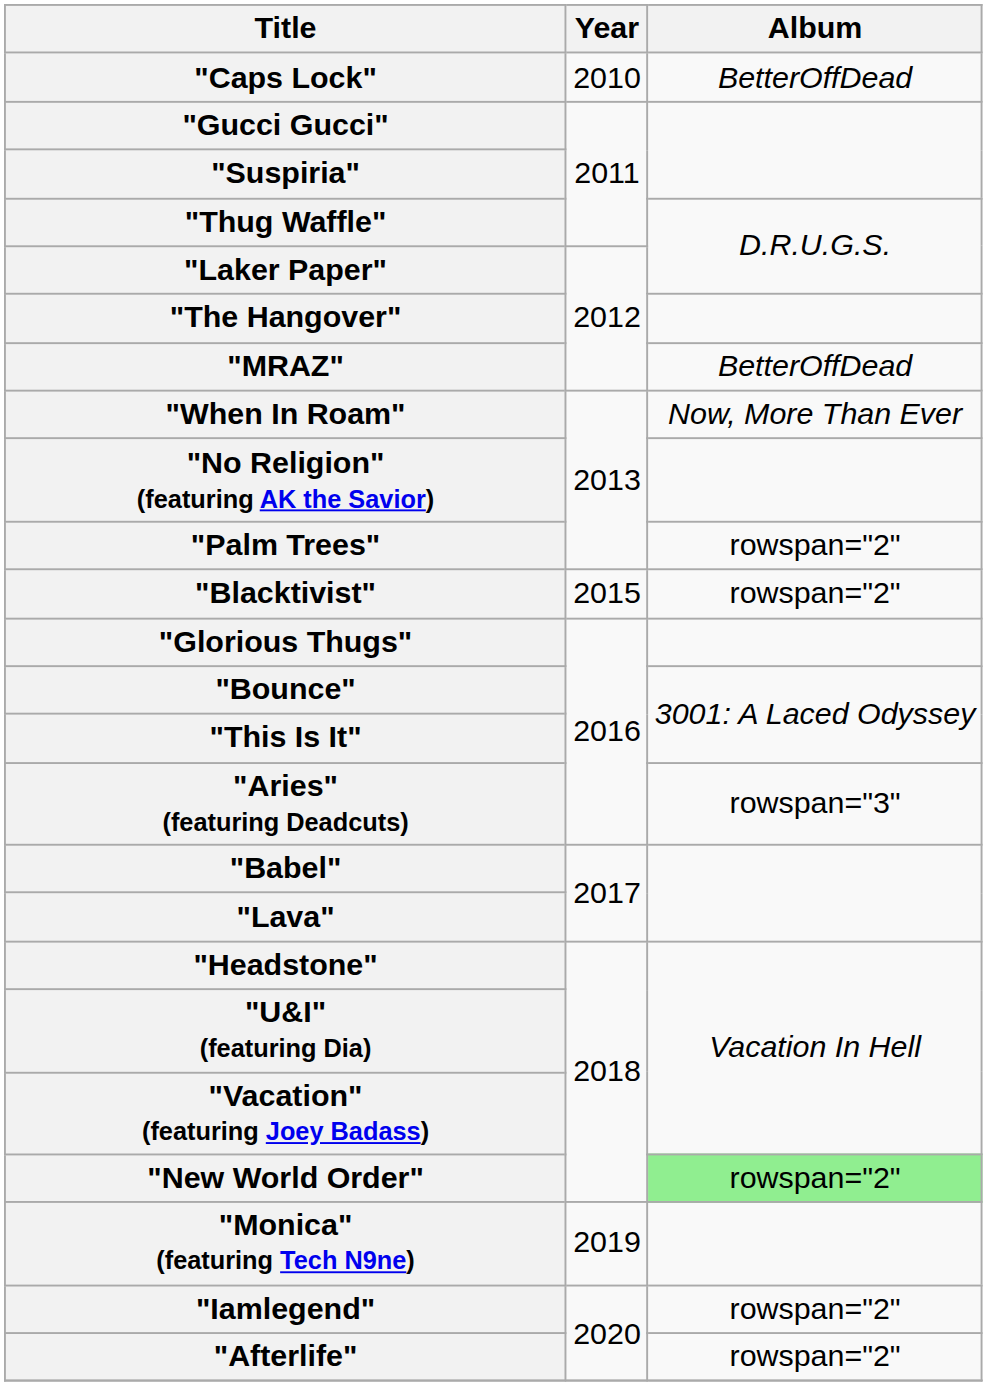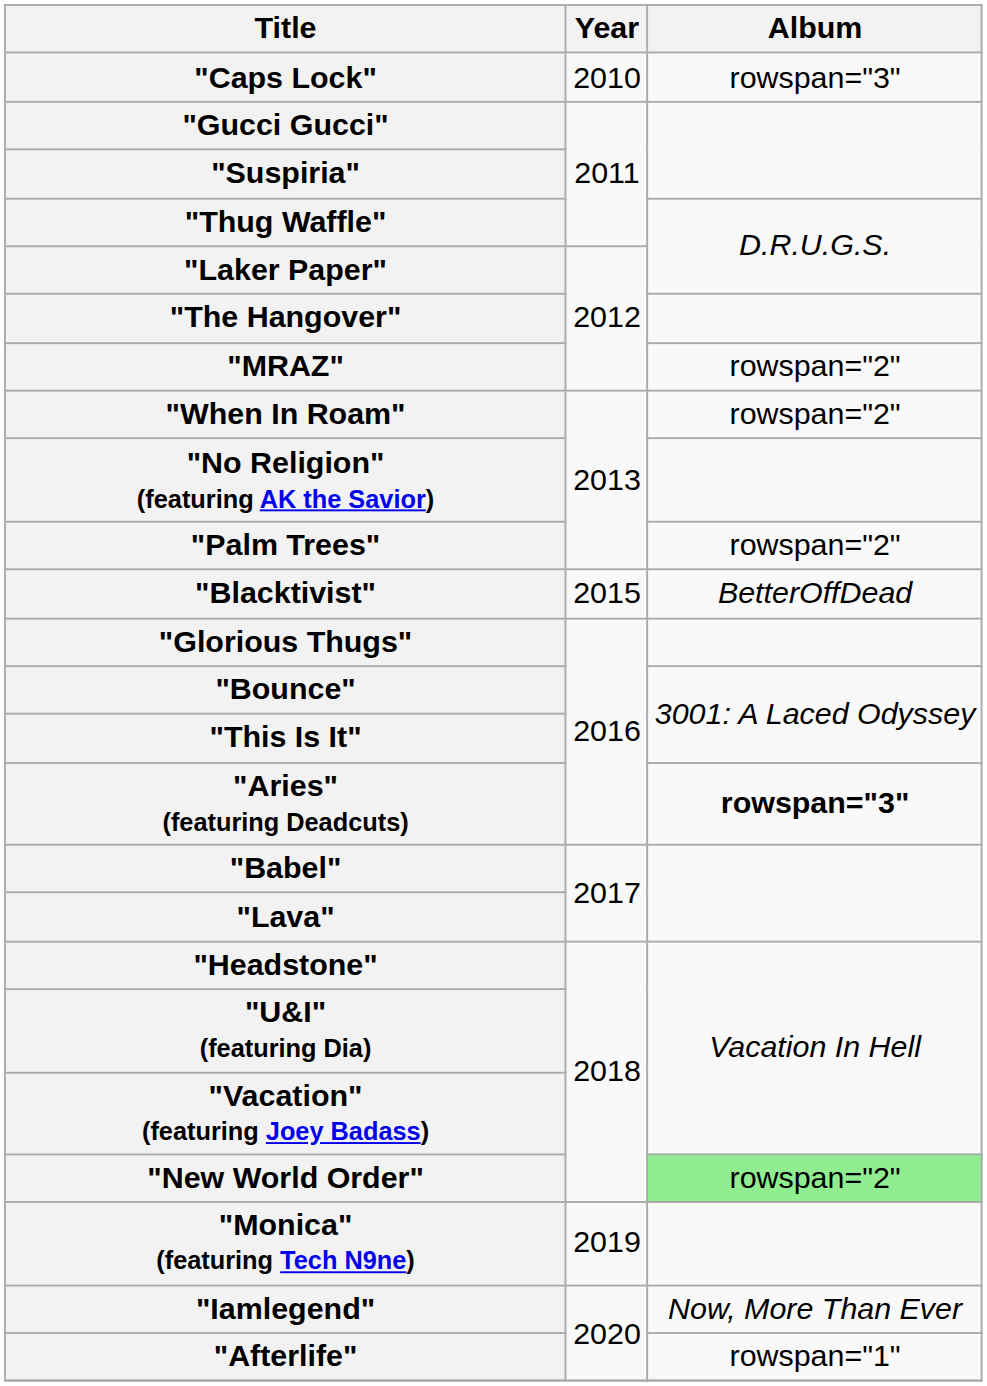 <table class="wikitable plainrowheaders" style="text-align:center;" border="1">
 <tr>
 <th scope="col" style="width:18em;">Title</th>
 <th scope="col">Year</th>
 <th scope="col">Album</th>
 </tr>
 <tr>
 <th scope="row">"Caps Lock"</th>
 <td rowspan="1">2010</td>
-<td rowspan="1"><em>BetterOffDead</em></td>
+<td>rowspan="3" </td>
 </tr>
 <tr>
 <th scope="row">"Gucci Gucci"</th>
 <td rowspan="3">2011</td>
 </tr>
 <tr>
 <th scope="row">"Suspiria"</th>
 </tr>
 <tr>
 <th scope="row">"Thug Waffle"</th>
 <td rowspan="2"><em>D.R.U.G.S.</em></td>
 </tr>
 <tr>
 <th scope="row">"Laker Paper"</th>
 <td rowspan="3">2012</td>
 </tr>
 <tr>
 <th scope="row">"The Hangover"</th>
 <td></td>
 </tr>
 <tr>
 <th scope="row">"MRAZ"</th>
-<td rowspan="1"><em>BetterOffDead</em></td>
+<td>rowspan="2" </td>
 </tr>
 <tr>
 <th scope="row">"When In Roam"</th>
 <td rowspan="3">2013</td>
-<td rowspan="1"><em>Now, More Than Ever</em></td>
+<td>rowspan="2" </td>
 </tr>
 <tr>
 <th scope="row">"No Religion"<br><small>(featuring <a href='#'>AK the Savior</a>)</small></th>
 </tr>
 <tr>
 <th scope="row">"Palm Trees"</th>
 <td>rowspan="2" </td>
 </tr>
 <tr>
 <th scope="row">"Blacktivist"</th>
 <td>2015</td>
-<td>rowspan="2" </td>
+<td rowspan="1"><em>BetterOffDead</em></td>
 </tr>
 <tr>
 <th scope="row">"Glorious Thugs"</th>
 <td rowspan="4">2016</td>
 </tr>
 <tr>
 <th scope="row">"Bounce"</th>
 <td rowspan="2"><em>3001: A Laced Odyssey</em></td>
 </tr>
 <tr>
 <th scope="row">"This Is It"</th>
 </tr>
 <tr>
 <th scope="row">"Aries"<br><small>(featuring Deadcuts)</small></th>
-<td>rowspan="3" </td>
+<td><strong>rowspan="3" </strong></td>
 </tr>
 <tr>
 <th scope="row">"Babel"</th>
 <td rowspan="2">2017</td>
 </tr>
 <tr>
 <th scope="row">"Lava"</th>
 </tr>
 <tr>
 <th scope="row">"Headstone"</th>
 <td rowspan="4">2018</td>
 <td rowspan="3"><em>Vacation In Hell</em></td>
 </tr>
 <tr>
 <th scope="row">"U&I"<br><small>(featuring Dia)</small></th>
 </tr>
 <tr>
 <th scope="row">"Vacation"<br><small>(featuring <a href='#'>Joey Badass</a>)</small></th>
 </tr>
 <tr>
 <th scope="row">"New World Order"</th>
 <td style="background: lightgreen;">rowspan="2" </td>
 </tr>
 <tr>
 <th scope="row">"Monica"<br><small>(featuring <a href='#'>Tech N9ne</a>)</small></th>
 <td>2019</td>
 </tr>
 <tr>
 <th scope="row">"Iamlegend"</th>
 <td rowspan="2">2020</td>
-<td>rowspan="2" </td>
+<td rowspan="1"><em>Now, More Than Ever</em></td>
 </tr>
 <tr>
 <th scope="row">"Afterlife"</th>
-<td>rowspan="2" </td>
+<td>rowspan="1" </td>
 </tr>
 <tr>
 </tr>
 </table>
